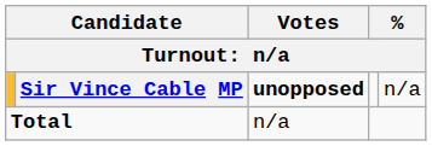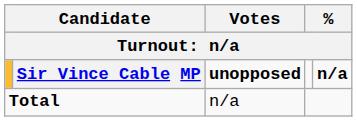 <table class="wikitable">
 <tr>
 <th colspan="2">Candidate</th>
 <th>Votes</th>
 <th colspan="2">%</th>
 </tr>
 <tr>
 <th colspan=5>Turnout: n/a</th>
 </tr>
 <tr>
 <td style="background:#fdbb30;"></td>
 <th><a href='#'>Sir Vince Cable</a> <a href='#'>MP</a></th>
 <td style="text-align:right;"><strong>unopposed</strong></td>
 <td style="text-align:right;"></td>
-<td style="text-align:right;">n/a</td>
+<td style="text-align:right;"><strong>n/a</strong></td>
 </tr>
 <tr>
 <td colspan="2"><strong>Total</strong></td>
 <td>n/a</td>
 </tr>
 </table>
